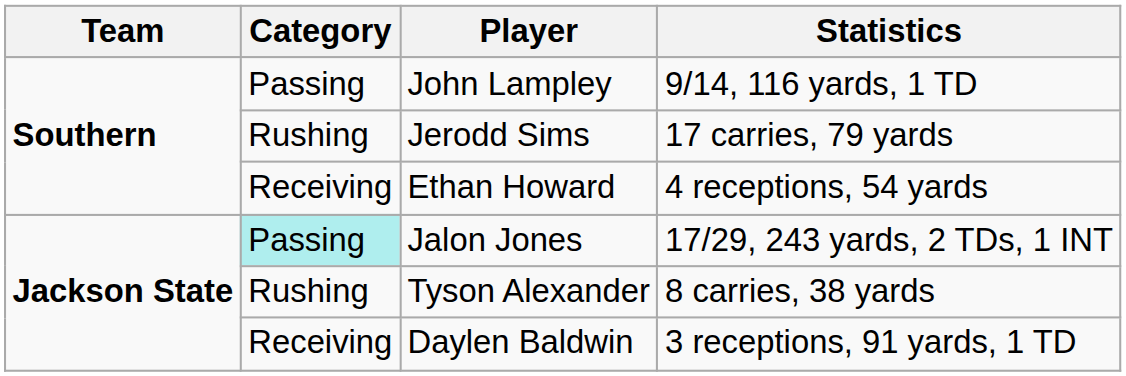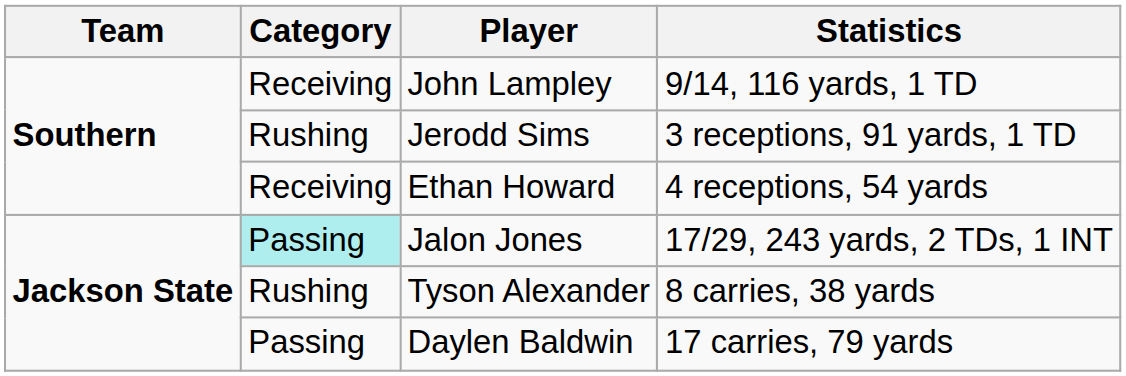 <table class="wikitable" style="float: left;">
 <tr>
 <th>Team</th>
 <th>Category</th>
 <th>Player</th>
 <th>Statistics</th>
 </tr>
 <tr>
 <td rowspan=3><strong>Southern</strong></td>
-<td>Passing</td>
+<td>Receiving</td>
 <td>John Lampley</td>
 <td>9/14, 116 yards, 1 TD</td>
 </tr>
 <tr>
 <td>Rushing</td>
 <td>Jerodd Sims</td>
-<td>17 carries, 79 yards</td>
+<td>3 receptions, 91 yards, 1 TD</td>
 </tr>
 <tr>
 <td>Receiving</td>
 <td>Ethan Howard</td>
 <td>4 receptions, 54 yards</td>
 </tr>
 <tr>
 <td rowspan=3><strong>Jackson State</strong></td>
 <td style="background: paleturquoise;">Passing</td>
 <td>Jalon Jones</td>
 <td>17/29, 243 yards, 2 TDs, 1 INT</td>
 </tr>
 <tr>
 <td>Rushing</td>
 <td>Tyson Alexander</td>
 <td>8 carries, 38 yards</td>
 </tr>
 <tr>
-<td>Receiving</td>
+<td>Passing</td>
 <td>Daylen Baldwin</td>
-<td>3 receptions, 91 yards, 1 TD</td>
+<td>17 carries, 79 yards</td>
 </tr>
 </table>
